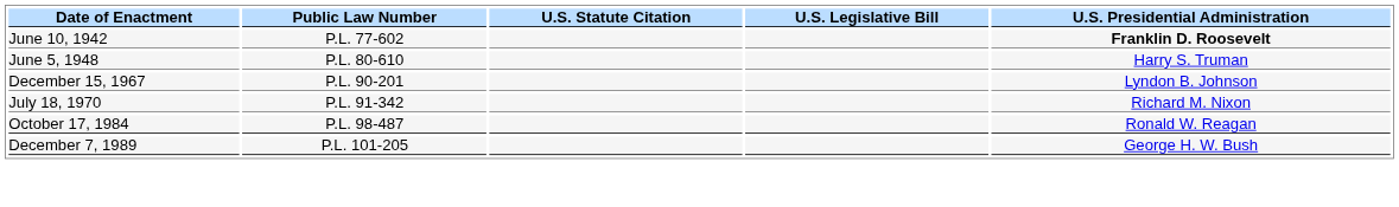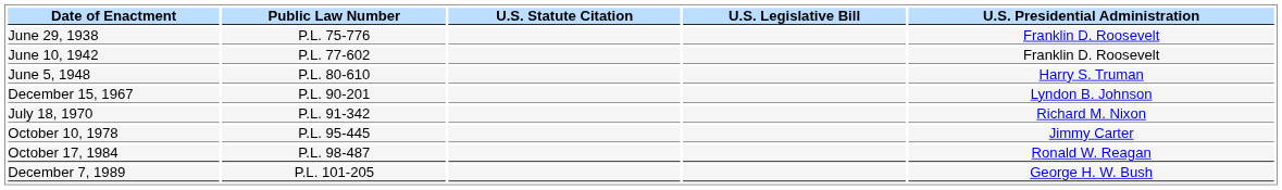 <table style="border:1px solid gray; align:left; width:72%" cellspacing=3 cellpadding=0>
 <tr style="font-weight:bold; text-align:center; background:#bbddff; color:black;">
 <th style=" border-bottom:1.5px solid black">Date of Enactment</th>
 <th style=" border-bottom:1.5px solid black">Public Law Number</th>
 <th style=" border-bottom:1.5px solid black">U.S. Statute Citation</th>
 <th style=" border-bottom:1.5px solid black">U.S. Legislative Bill</th>
 <th style=" border-bottom:1.5px solid black">U.S. Presidential Administration</th>
 </tr>
 <tr>
+<td style="border-bottom:1px solid gray; background:#F5F5F5;">June 29, 1938</td>
+<td style="border-bottom:1px solid gray; background:#F5F5F5; text-align:center;">P.L. 75-776</td>
+<td style="border-bottom:1px solid gray; background:#F5F5F5; text-align:center;"></td>
+<td style="border-bottom:1px solid gray; background:#F5F5F5; text-align:center;"></td>
+<td style="border-bottom:1px solid gray; background:#F5F5F5; text-align:center;"><a href='#'>Franklin D. Roosevelt</a></td>
+</tr>
+<tr>
 <td style="border-bottom:1px solid gray; background:#F5F5F5;">June 10, 1942</td>
 <td style="border-bottom:1px solid gray; background:#F5F5F5; text-align:center;">P.L. 77-602</td>
 <td style="border-bottom:1px solid gray; background:#F5F5F5; text-align:center;"></td>
 <td style="border-bottom:1px solid gray; background:#F5F5F5; text-align:center;"></td>
-<td style="border-bottom:1px solid gray; background:#F5F5F5; text-align:center;"><strong>Franklin D. Roosevelt</strong></td>
+<td style="border-bottom:1px solid gray; background:#F5F5F5; text-align:center;">Franklin D. Roosevelt</td>
 </tr>
 <tr>
 <td style="border-bottom:1px solid gray; background:#F5F5F5;">June 5, 1948</td>
 <td style="border-bottom:1px solid gray; background:#F5F5F5; text-align:center;">P.L. 80-610</td>
 <td style="border-bottom:1px solid gray; background:#F5F5F5; text-align:center;"></td>
 <td style="border-bottom:1px solid gray; background:#F5F5F5; text-align:center;"></td>
 <td style="border-bottom:1px solid gray; background:#F5F5F5; text-align:center;"><a href='#'>Harry S. Truman</a></td>
 </tr>
 <tr>
 <td style="border-bottom:1px solid gray; background:#F5F5F5;">December 15, 1967</td>
 <td style="border-bottom:1px solid gray; background:#F5F5F5; text-align:center;">P.L. 90-201</td>
 <td style="border-bottom:1px solid gray; background:#F5F5F5; text-align:center;"></td>
 <td style="border-bottom:1px solid gray; background:#F5F5F5; text-align:center;"></td>
 <td style="border-bottom:1px solid gray; background:#F5F5F5; text-align:center;"><a href='#'>Lyndon B. Johnson</a></td>
 </tr>
 <tr>
 <td style="border-bottom:1px solid gray; background:#F5F5F5;">July 18, 1970</td>
 <td style="border-bottom:1px solid gray; background:#F5F5F5; text-align:center;">P.L. 91-342</td>
 <td style="border-bottom:1px solid gray; background:#F5F5F5; text-align:center;"></td>
 <td style="border-bottom:1px solid gray; background:#F5F5F5; text-align:center;"></td>
 <td style="border-bottom:1px solid gray; background:#F5F5F5; text-align:center;"><a href='#'>Richard M. Nixon</a></td>
 </tr>
 <tr>
+<td style="border-bottom:1px solid gray; background:#F5F5F5;">October 10, 1978</td>
+<td style="border-bottom:1px solid gray; background:#F5F5F5; text-align:center;">P.L. 95-445</td>
+<td style="border-bottom:1px solid gray; background:#F5F5F5; text-align:center;"></td>
+<td style="border-bottom:1px solid gray; background:#F5F5F5; text-align:center;"></td>
+<td style="border-bottom:1px solid gray; background:#F5F5F5; text-align:center;"><a href='#'>Jimmy Carter</a></td>
+</tr>
+<tr>
 <td style="border-bottom:1.5px solid black; background:#F5F5F5;">October 17, 1984</td>
 <td style="border-bottom:1.5px solid black; background:#F5F5F5; text-align:center;">P.L. 98-487</td>
 <td style="border-bottom:1.5px solid black; background:#F5F5F5; text-align:center;"></td>
 <td style="border-bottom:1.5px solid black; background:#F5F5F5; text-align:center;"></td>
 <td style="border-bottom:1.5px solid black; background:#F5F5F5; text-align:center;"><a href='#'>Ronald W. Reagan</a></td>
 </tr>
 <tr>
 <td style="border-bottom:1.5px solid black; background:#F5F5F5;">December 7, 1989</td>
 <td style="border-bottom:1.5px solid black; background:#F5F5F5; text-align:center;">P.L. 101-205</td>
 <td style="border-bottom:1.5px solid black; background:#F5F5F5; text-align:center;"></td>
 <td style="border-bottom:1.5px solid black; background:#F5F5F5; text-align:center;"></td>
 <td style="border-bottom:1.5px solid black; background:#F5F5F5; text-align:center;"><a href='#'>George H. W. Bush</a></td>
 </tr>
 </table>
